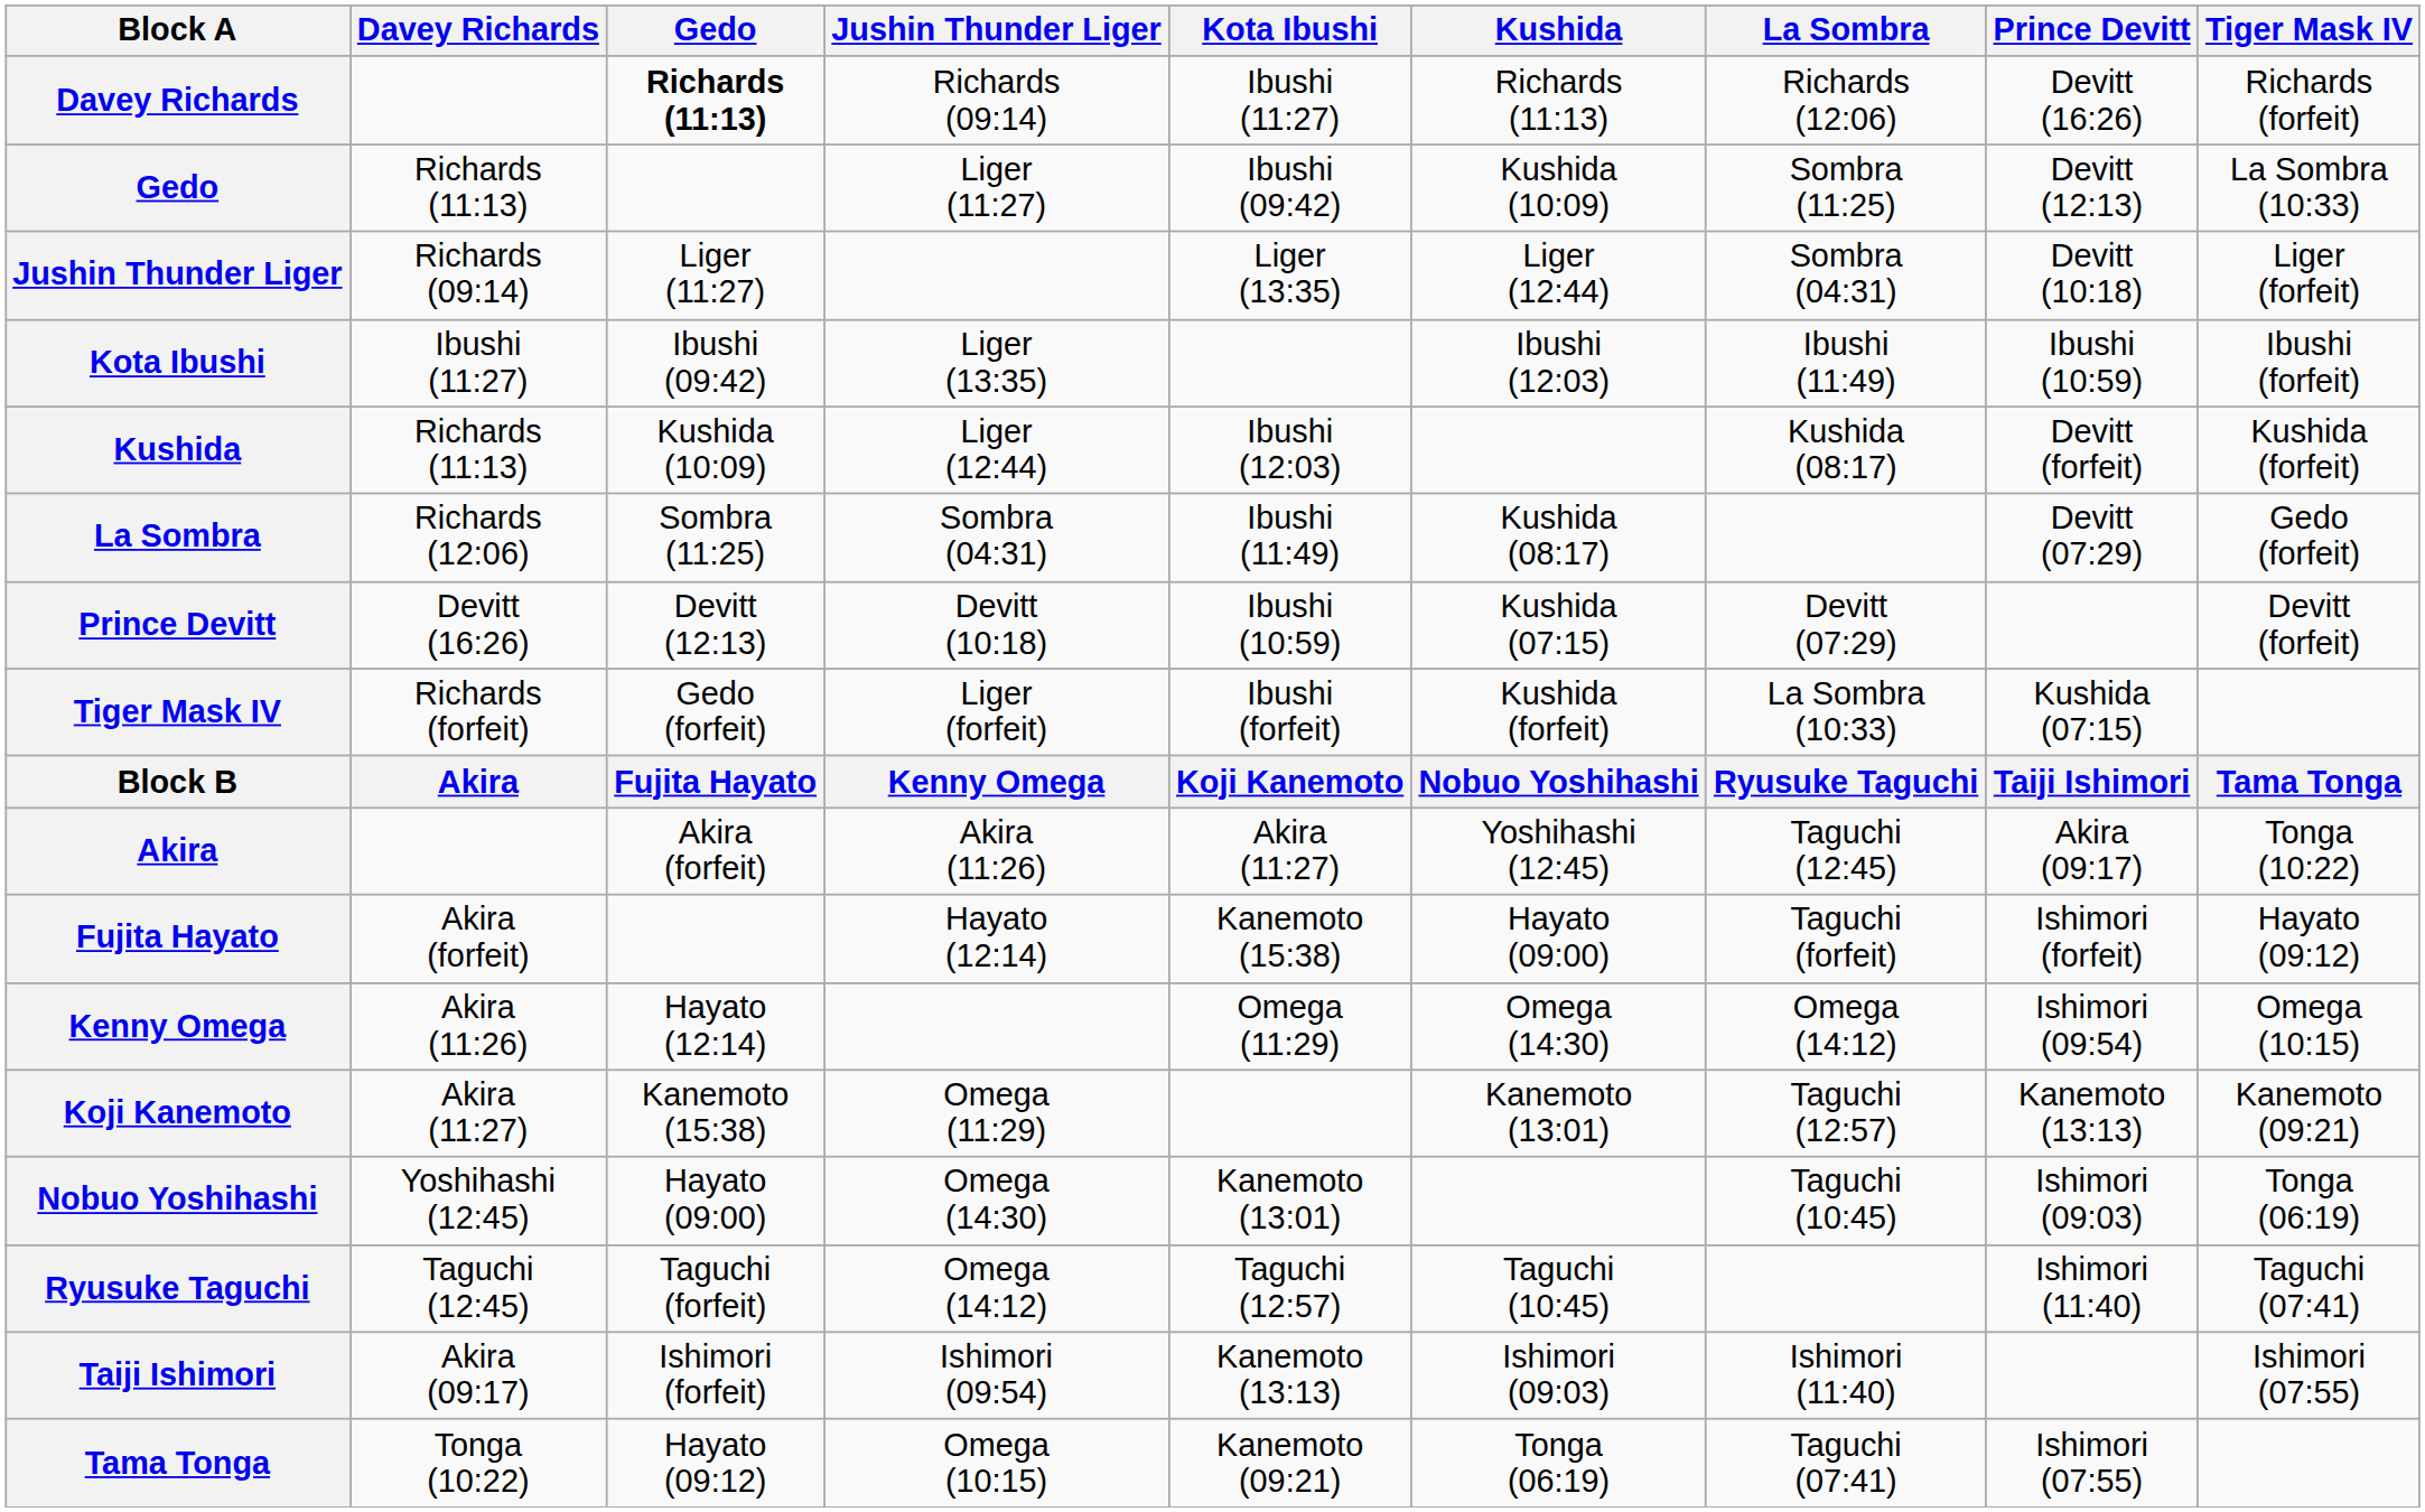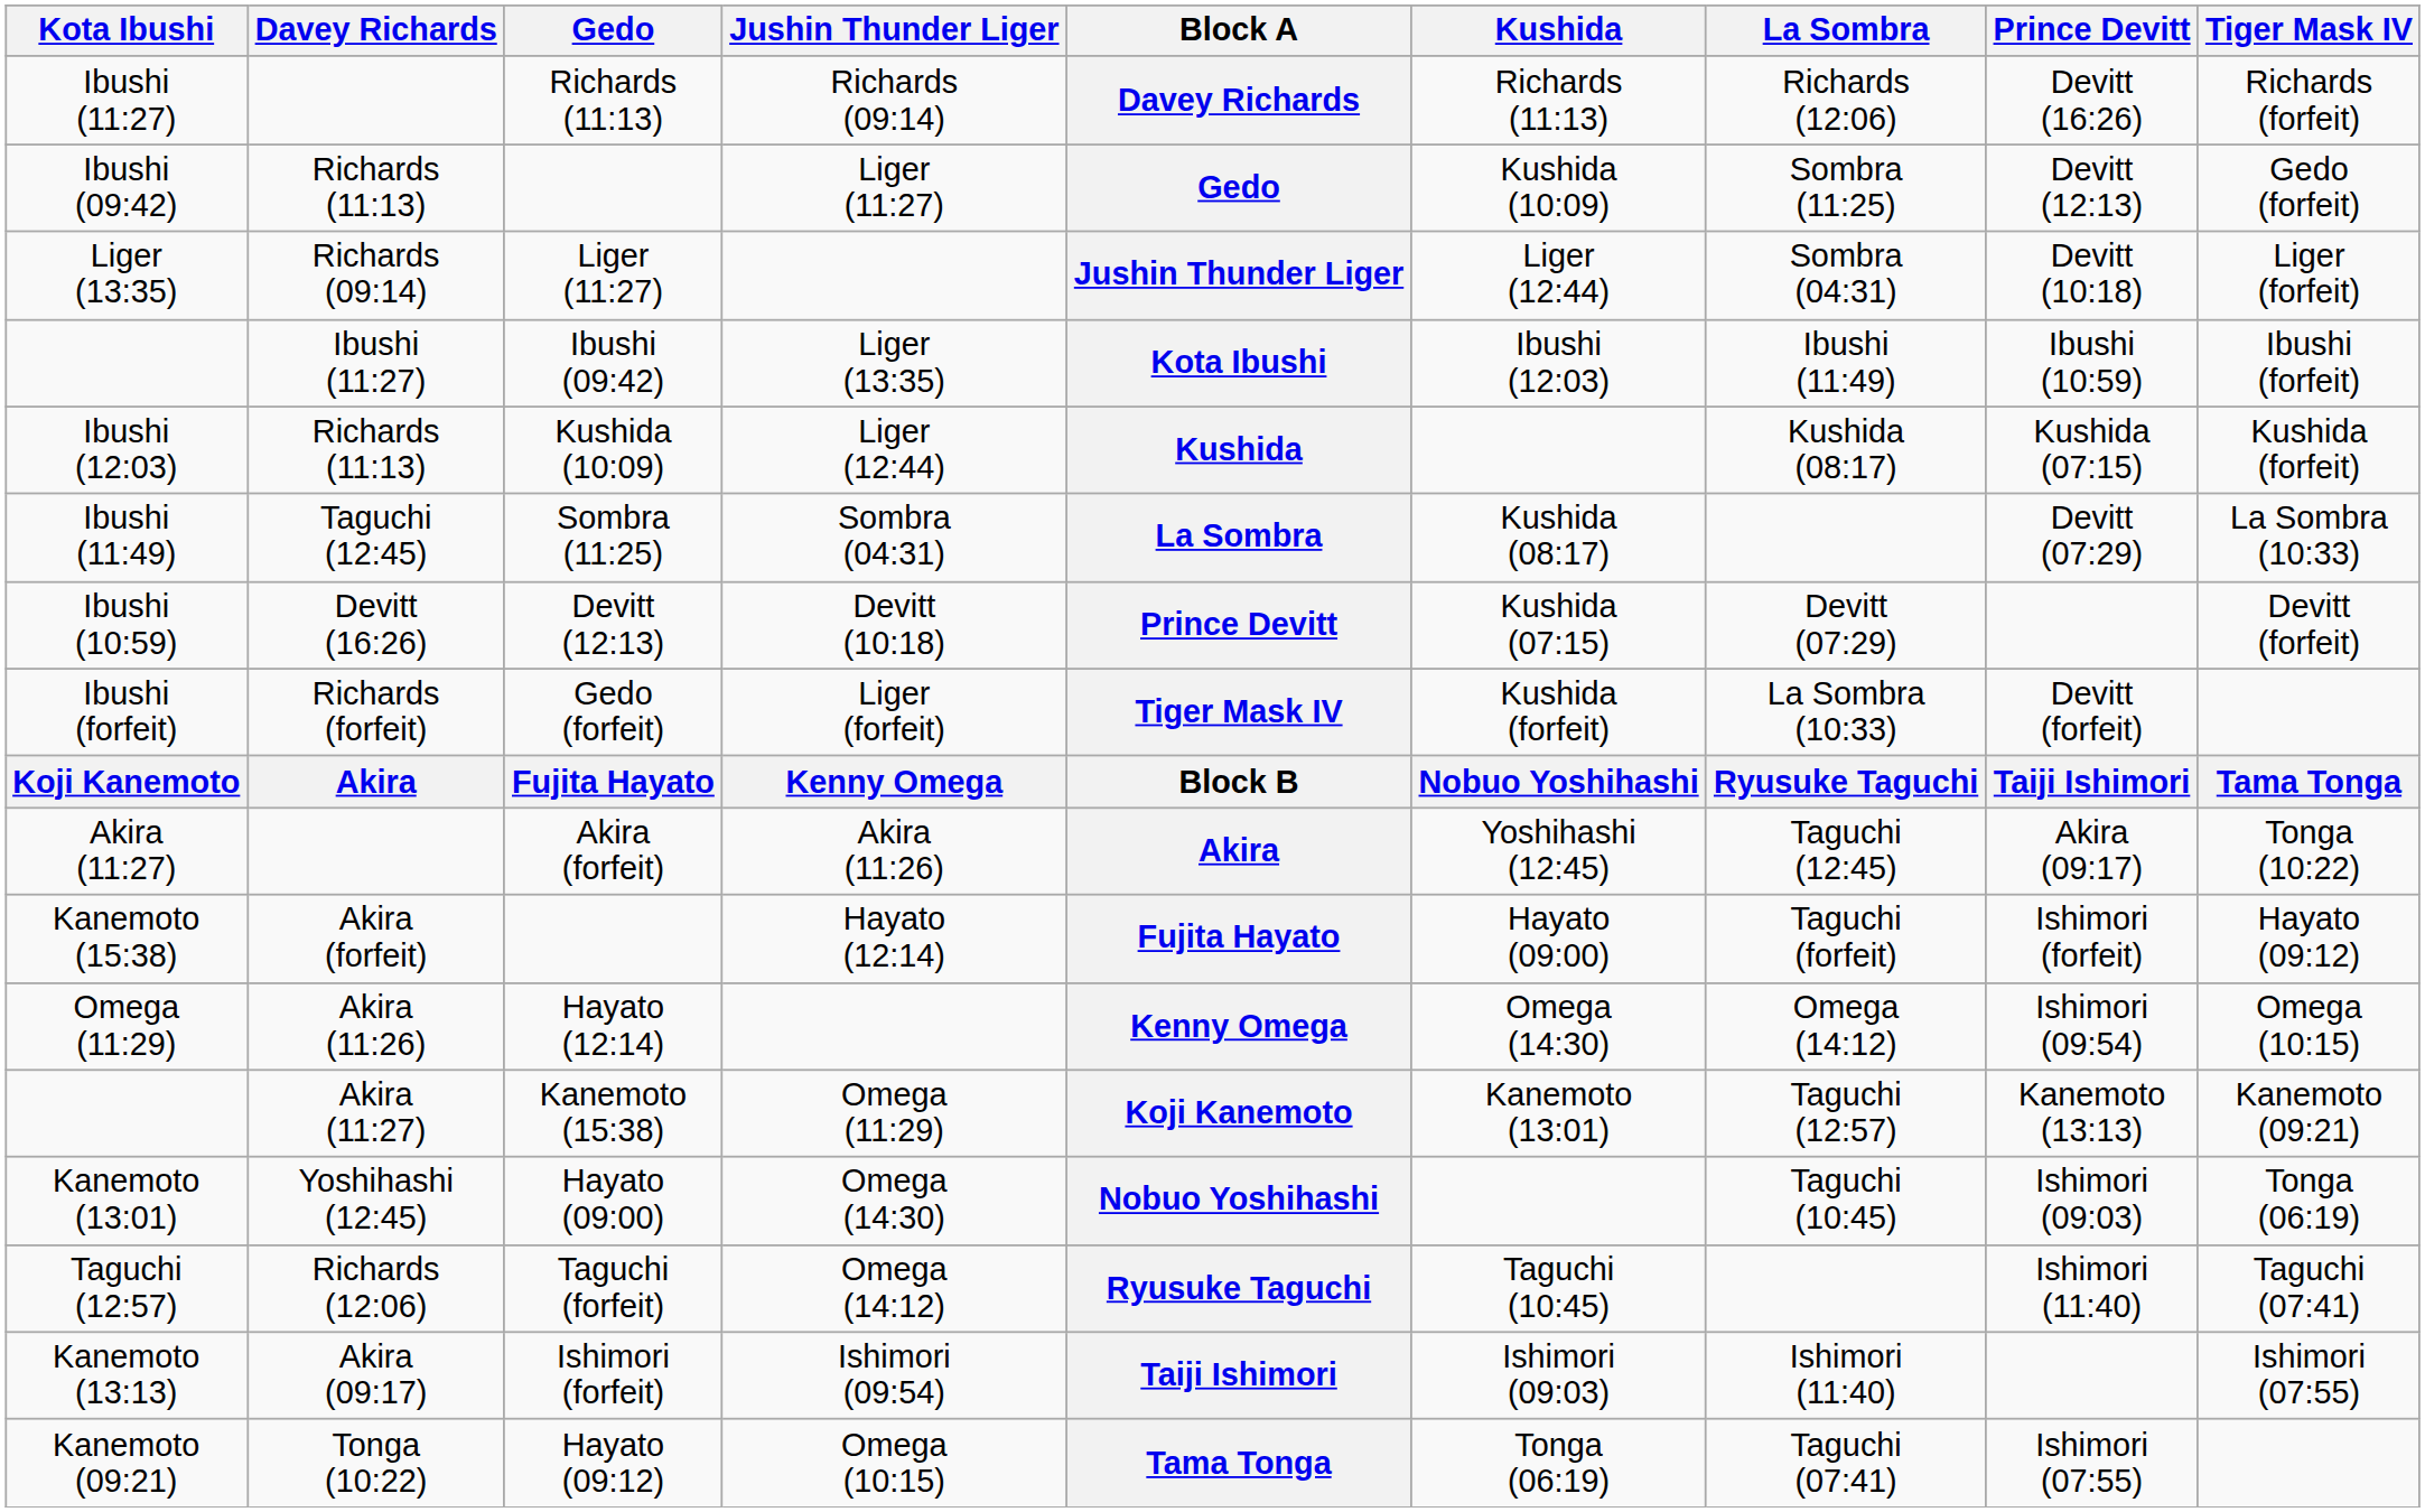 <table class="wikitable" style="margin: 1em auto 1em auto">
 <tr align="center">
-<th>Block A</th>
+<th><a href='#'>Kota Ibushi</a></th>
 <th><a href='#'>Davey Richards</a></th>
 <th><a href='#'>Gedo</a></th>
 <th><a href='#'>Jushin Thunder Liger</a></th>
-<th><a href='#'>Kota Ibushi</a></th>
+<th>Block A</th>
 <th><a href='#'>Kushida</a></th>
 <th><a href='#'>La Sombra</a></th>
 <th><a href='#'>Prince Devitt</a></th>
 <th><a href='#'>Tiger Mask IV</a></th>
 </tr>
 <tr align="center">
+<td>Ibushi<br>(11:27)</td>
+<td></td>
+<td>Richards<br>(11:13)</td>
+<td>Richards<br>(09:14)</td>
 <th><a href='#'>Davey Richards</a></th>
-<td></td>
-<td><strong>Richards<br>(11:13)</strong></td>
-<td>Richards<br>(09:14)</td>
-<td>Ibushi<br>(11:27)</td>
 <td>Richards<br>(11:13)</td>
 <td>Richards<br>(12:06)</td>
 <td>Devitt<br>(16:26)</td>
 <td>Richards<br>(forfeit)</td>
 </tr>
 <tr align="center">
-<th><a href='#'>Gedo</a></th>
+<td>Ibushi<br>(09:42)</td>
 <td>Richards<br>(11:13)</td>
 <td></td>
 <td>Liger<br>(11:27)</td>
-<td>Ibushi<br>(09:42)</td>
+<th><a href='#'>Gedo</a></th>
 <td>Kushida<br>(10:09)</td>
 <td>Sombra<br>(11:25)</td>
 <td>Devitt<br>(12:13)</td>
-<td>La Sombra<br>(10:33)</td>
+<td>Gedo<br>(forfeit)</td>
 </tr>
 <tr align="center">
-<th><a href='#'>Jushin Thunder Liger</a></th>
+<td>Liger<br>(13:35)</td>
 <td>Richards<br>(09:14)</td>
 <td>Liger<br>(11:27)</td>
 <td></td>
-<td>Liger<br>(13:35)</td>
+<th><a href='#'>Jushin Thunder Liger</a></th>
 <td>Liger<br>(12:44)</td>
 <td>Sombra<br>(04:31)</td>
 <td>Devitt<br>(10:18)</td>
 <td>Liger<br>(forfeit)</td>
 </tr>
 <tr align="center">
-<th><a href='#'>Kota Ibushi</a></th>
+<td></td>
 <td>Ibushi<br>(11:27)</td>
 <td>Ibushi<br>(09:42)</td>
 <td>Liger<br>(13:35)</td>
-<td></td>
+<th><a href='#'>Kota Ibushi</a></th>
 <td>Ibushi<br>(12:03)</td>
 <td>Ibushi<br>(11:49)</td>
 <td>Ibushi<br>(10:59)</td>
 <td>Ibushi<br>(forfeit)</td>
 </tr>
 <tr align="center">
-<th><a href='#'>Kushida</a></th>
+<td>Ibushi<br>(12:03)</td>
 <td>Richards<br>(11:13)</td>
 <td>Kushida<br>(10:09)</td>
 <td>Liger<br>(12:44)</td>
-<td>Ibushi<br>(12:03)</td>
+<th><a href='#'>Kushida</a></th>
 <td></td>
 <td>Kushida<br>(08:17)</td>
-<td>Devitt<br>(forfeit)</td>
+<td>Kushida<br>(07:15)</td>
 <td>Kushida<br>(forfeit)</td>
 </tr>
 <tr align="center">
-<th><a href='#'>La Sombra</a></th>
-<td>Richards<br>(12:06)</td>
+<td>Ibushi<br>(11:49)</td>
+<td>Taguchi<br>(12:45)</td>
 <td>Sombra<br>(11:25)</td>
 <td>Sombra<br>(04:31)</td>
-<td>Ibushi<br>(11:49)</td>
+<th><a href='#'>La Sombra</a></th>
 <td>Kushida<br>(08:17)</td>
 <td></td>
 <td>Devitt<br>(07:29)</td>
-<td>Gedo<br>(forfeit)</td>
+<td>La Sombra<br>(10:33)</td>
 </tr>
 <tr align="center">
-<th><a href='#'>Prince Devitt</a></th>
+<td>Ibushi<br>(10:59)</td>
 <td>Devitt<br>(16:26)</td>
 <td>Devitt<br>(12:13)</td>
 <td>Devitt<br>(10:18)</td>
-<td>Ibushi<br>(10:59)</td>
+<th><a href='#'>Prince Devitt</a></th>
 <td>Kushida<br>(07:15)</td>
 <td>Devitt<br>(07:29)</td>
 <td></td>
 <td>Devitt<br>(forfeit)</td>
 </tr>
 <tr align="center">
-<th><a href='#'>Tiger Mask IV</a></th>
+<td>Ibushi<br>(forfeit)</td>
 <td>Richards<br>(forfeit)</td>
 <td>Gedo<br>(forfeit)</td>
 <td>Liger<br>(forfeit)</td>
-<td>Ibushi<br>(forfeit)</td>
+<th><a href='#'>Tiger Mask IV</a></th>
 <td>Kushida<br>(forfeit)</td>
 <td>La Sombra<br>(10:33)</td>
-<td>Kushida<br>(07:15)</td>
+<td>Devitt<br>(forfeit)</td>
 <td></td>
 </tr>
 <tr align="center">
-<th>Block B</th>
+<th><a href='#'>Koji Kanemoto</a></th>
 <th><a href='#'>Akira</a></th>
 <th><a href='#'>Fujita Hayato</a></th>
 <th><a href='#'>Kenny Omega</a></th>
-<th><a href='#'>Koji Kanemoto</a></th>
+<th>Block B</th>
 <th><a href='#'>Nobuo Yoshihashi</a></th>
 <th><a href='#'>Ryusuke Taguchi</a></th>
 <th><a href='#'>Taiji Ishimori</a></th>
 <th><a href='#'>Tama Tonga</a></th>
 </tr>
 <tr align="center">
-<th><a href='#'>Akira</a></th>
+<td>Akira<br>(11:27)</td>
 <td></td>
 <td>Akira<br>(forfeit)</td>
 <td>Akira<br>(11:26)</td>
-<td>Akira<br>(11:27)</td>
+<th><a href='#'>Akira</a></th>
 <td>Yoshihashi<br>(12:45)</td>
 <td>Taguchi<br>(12:45)</td>
 <td>Akira<br>(09:17)</td>
 <td>Tonga<br>(10:22)</td>
 </tr>
 <tr align="center">
-<th><a href='#'>Fujita Hayato</a></th>
+<td>Kanemoto<br>(15:38)</td>
 <td>Akira<br>(forfeit)</td>
 <td></td>
 <td>Hayato<br>(12:14)</td>
-<td>Kanemoto<br>(15:38)</td>
+<th><a href='#'>Fujita Hayato</a></th>
 <td>Hayato<br>(09:00)</td>
 <td>Taguchi<br>(forfeit)</td>
 <td>Ishimori<br>(forfeit)</td>
 <td>Hayato<br>(09:12)</td>
 </tr>
 <tr align="center">
-<th><a href='#'>Kenny Omega</a></th>
+<td>Omega<br>(11:29)</td>
 <td>Akira<br>(11:26)</td>
 <td>Hayato<br>(12:14)</td>
 <td></td>
-<td>Omega<br>(11:29)</td>
+<th><a href='#'>Kenny Omega</a></th>
 <td>Omega<br>(14:30)</td>
 <td>Omega<br>(14:12)</td>
 <td>Ishimori<br>(09:54)</td>
 <td>Omega<br>(10:15)</td>
 </tr>
 <tr align="center">
-<th><a href='#'>Koji Kanemoto</a></th>
+<td></td>
 <td>Akira<br>(11:27)</td>
 <td>Kanemoto<br>(15:38)</td>
 <td>Omega<br>(11:29)</td>
-<td></td>
+<th><a href='#'>Koji Kanemoto</a></th>
 <td>Kanemoto<br>(13:01)</td>
 <td>Taguchi<br>(12:57)</td>
 <td>Kanemoto<br>(13:13)</td>
 <td>Kanemoto<br>(09:21)</td>
 </tr>
 <tr align="center">
-<th><a href='#'>Nobuo Yoshihashi</a></th>
+<td>Kanemoto<br>(13:01)</td>
 <td>Yoshihashi<br>(12:45)</td>
 <td>Hayato<br>(09:00)</td>
 <td>Omega<br>(14:30)</td>
-<td>Kanemoto<br>(13:01)</td>
+<th><a href='#'>Nobuo Yoshihashi</a></th>
 <td></td>
 <td>Taguchi<br>(10:45)</td>
 <td>Ishimori<br>(09:03)</td>
 <td>Tonga<br>(06:19)</td>
 </tr>
 <tr align="center">
-<th><a href='#'>Ryusuke Taguchi</a></th>
-<td>Taguchi<br>(12:45)</td>
+<td>Taguchi<br>(12:57)</td>
+<td>Richards<br>(12:06)</td>
 <td>Taguchi<br>(forfeit)</td>
 <td>Omega<br>(14:12)</td>
-<td>Taguchi<br>(12:57)</td>
+<th><a href='#'>Ryusuke Taguchi</a></th>
 <td>Taguchi<br>(10:45)</td>
 <td></td>
 <td>Ishimori<br>(11:40)</td>
 <td>Taguchi<br>(07:41)</td>
 </tr>
 <tr align="center">
-<th><a href='#'>Taiji Ishimori</a></th>
+<td>Kanemoto<br>(13:13)</td>
 <td>Akira<br>(09:17)</td>
 <td>Ishimori<br>(forfeit)</td>
 <td>Ishimori<br>(09:54)</td>
-<td>Kanemoto<br>(13:13)</td>
+<th><a href='#'>Taiji Ishimori</a></th>
 <td>Ishimori<br>(09:03)</td>
 <td>Ishimori<br>(11:40)</td>
 <td></td>
 <td>Ishimori<br>(07:55)</td>
 </tr>
 <tr align="center">
-<th><a href='#'>Tama Tonga</a></th>
+<td>Kanemoto<br>(09:21)</td>
 <td>Tonga<br>(10:22)</td>
 <td>Hayato<br>(09:12)</td>
 <td>Omega<br>(10:15)</td>
-<td>Kanemoto<br>(09:21)</td>
+<th><a href='#'>Tama Tonga</a></th>
 <td>Tonga<br>(06:19)</td>
 <td>Taguchi<br>(07:41)</td>
 <td>Ishimori<br>(07:55)</td>
 <td></td>
 </tr>
 </table>
